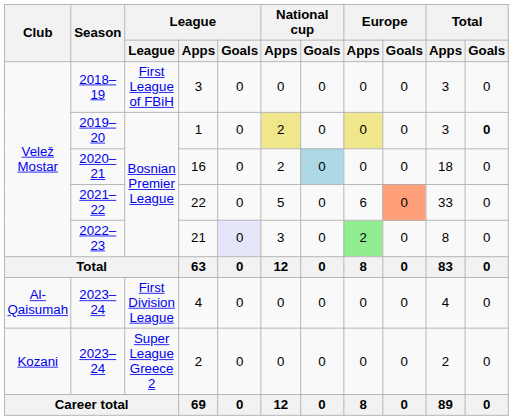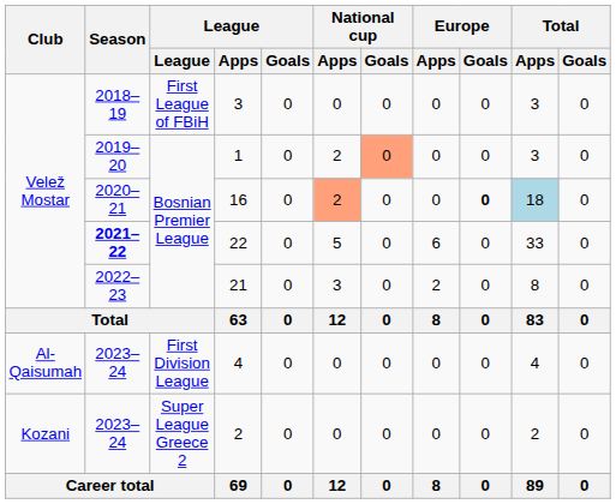 <table class="wikitable" style="text-align:center">
 <tr>
 <th rowspan="2">Club</th>
 <th rowspan="2">Season</th>
 <th colspan="3">League</th>
 <th colspan="2">National cup</th>
 <th colspan="2">Europe</th>
 <th colspan="2">Total</th>
 </tr>
 <tr>
 <th>League</th>
 <th>Apps</th>
 <th>Goals</th>
 <th>Apps</th>
 <th>Goals</th>
 <th>Apps</th>
 <th>Goals</th>
 <th>Apps</th>
 <th>Goals</th>
 </tr>
 <tr>
 <td rowspan="5"><a href='#'>Velež Mostar</a></td>
 <td><a href='#'>2018–19</a></td>
 <td><a href='#'>First League of FBiH</a></td>
 <td>3</td>
 <td>0</td>
 <td>0</td>
 <td>0</td>
 <td>0</td>
 <td>0</td>
 <td>3</td>
 <td>0</td>
 </tr>
 <tr>
 <td><a href='#'>2019–20</a></td>
 <td rowspan="4"><a href='#'>Bosnian Premier League</a></td>
 <td>1</td>
 <td>0</td>
-<td style="background: khaki;">2</td>
+<td>2</td>
+<td style="background: lightsalmon;">0</td>
 <td>0</td>
-<td style="background: khaki;">0</td>
 <td>0</td>
 <td>3</td>
-<td><strong>0</strong></td>
+<td>0</td>
 </tr>
 <tr>
 <td><a href='#'>2020–21</a></td>
 <td>16</td>
 <td>0</td>
-<td>2</td>
-<td style="background: lightblue;">0</td>
+<td style="background: lightsalmon;">2</td>
 <td>0</td>
 <td>0</td>
-<td>18</td>
+<td><strong>0</strong></td>
+<td style="background: lightblue;">18</td>
 <td>0</td>
 </tr>
 <tr>
-<td><a href='#'>2021–22</a></td>
+<td><strong><a href='#'>2021–22</a></strong></td>
 <td>22</td>
 <td>0</td>
 <td>5</td>
 <td>0</td>
 <td>6</td>
-<td style="background: lightsalmon;">0</td>
+<td>0</td>
 <td>33</td>
 <td>0</td>
 </tr>
 <tr>
 <td><a href='#'>2022–23</a></td>
 <td>21</td>
-<td style="background: lavender;">0</td>
+<td>0</td>
 <td>3</td>
 <td>0</td>
-<td style="background: lightgreen;">2</td>
+<td>2</td>
 <td>0</td>
 <td>8</td>
 <td>0</td>
 </tr>
 <tr>
 <th colspan="3">Total</th>
 <th>63</th>
 <th>0</th>
 <th>12</th>
 <th>0</th>
 <th>8</th>
 <th>0</th>
 <th>83</th>
 <th>0</th>
 </tr>
 <tr>
 <td><a href='#'>Al-Qaisumah</a></td>
 <td><a href='#'>2023–24</a></td>
 <td><a href='#'>First Division League</a></td>
 <td>4</td>
 <td>0</td>
 <td>0</td>
 <td>0</td>
 <td>0</td>
 <td>0</td>
 <td>4</td>
 <td>0</td>
 </tr>
 <tr>
 <td><a href='#'>Kozani</a></td>
 <td><a href='#'>2023–24</a></td>
 <td><a href='#'>Super League Greece 2</a></td>
 <td>2</td>
 <td>0</td>
 <td>0</td>
 <td>0</td>
 <td>0</td>
 <td>0</td>
 <td>2</td>
 <td>0</td>
 </tr>
 <tr>
 <th colspan="3">Career total</th>
 <th>69</th>
 <th>0</th>
 <th>12</th>
 <th>0</th>
 <th>8</th>
 <th>0</th>
 <th>89</th>
 <th>0</th>
 </tr>
 </table>
